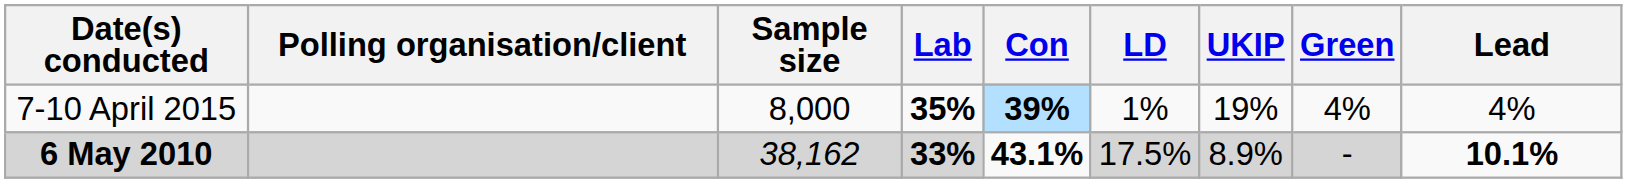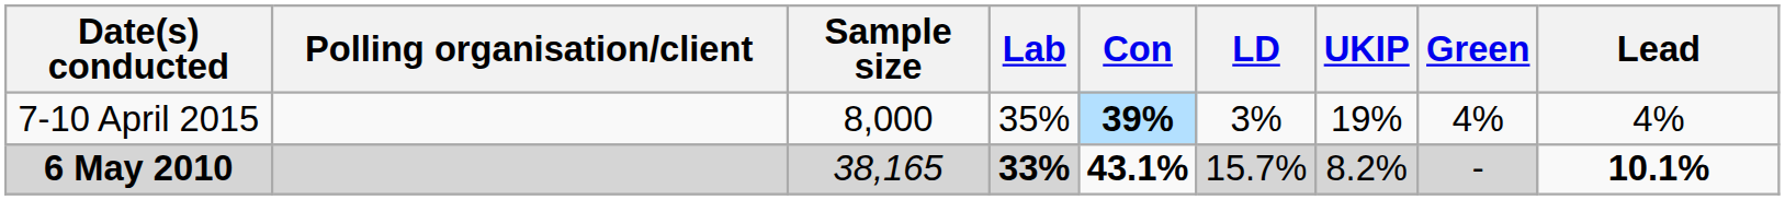 <table class="wikitable sortable" style="text-align:center;font-size:90%;line-height:14px">
 <tr>
 <th ! style="width:100px;">Date(s)<br>conducted</th>
 <th style="width:200px;">Polling organisation/client</th>
 <th class="unsortable" style="width:75px;">Sample size</th>
 <th class="unsortable" style="background:"><a href='#'><span>Lab</span></a></th>
 <th class="unsortable" style="background:"><a href='#'><span>Con</span></a></th>
 <th class="unsortable" style="background:"><a href='#'><span>LD</span></a></th>
 <th class="unsortable" style="background:"><a href='#'><span>UKIP</span></a></th>
 <th class="unsortable" style="background:"><a href='#'><span>Green</span></a></th>
 <th class="unsortable" style="width:90px;">Lead</th>
 </tr>
 <tr>
 <td>7-10 April 2015</td>
 <td> </td>
 <td>8,000</td>
-<td><strong>35%</strong></td>
+<td>35%</td>
 <td style="background:#B3E0FF"><strong>39%</strong></td>
-<td>1%</td>
+<td>3%</td>
 <td>19%</td>
 <td>4%</td>
 <td style="background:">4%</td>
 </tr>
 <tr>
 <td style="background:#D5D5D5"><strong>6 May 2010</strong></td>
 <td style="background:#D5D5D5"></td>
-<td style="background:#D5D5D5"><em>38,162</em></td>
+<td style="background:#D5D5D5"><em>38,165</em></td>
 <td style="background:#D5D5D5"><strong>33%</strong></td>
 <td style="background:"><strong>43.1%</strong></td>
-<td style="background:#D5D5D5">17.5%</td>
-<td style="background:#D5D5D5">8.9%</td>
+<td style="background:#D5D5D5">15.7%</td>
+<td style="background:#D5D5D5">8.2%</td>
 <td style="background:#D5D5D5">-</td>
 <td style="background:"><strong>10.1% </strong></td>
 </tr>
 </table>
